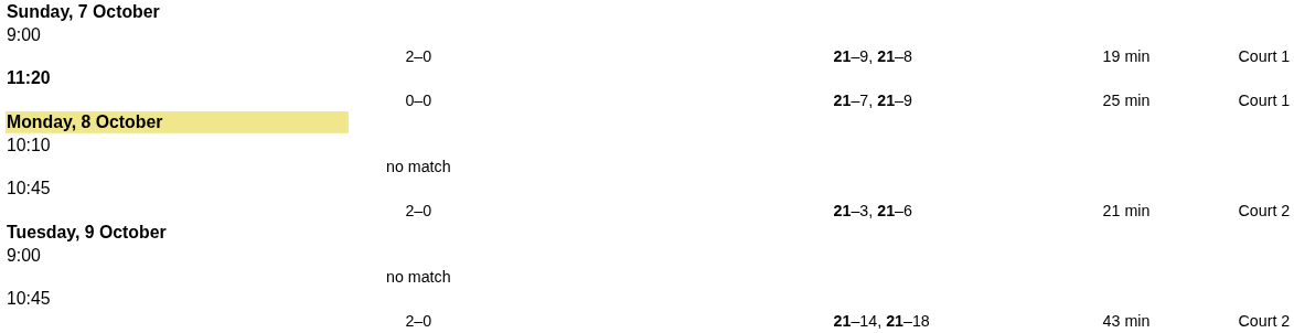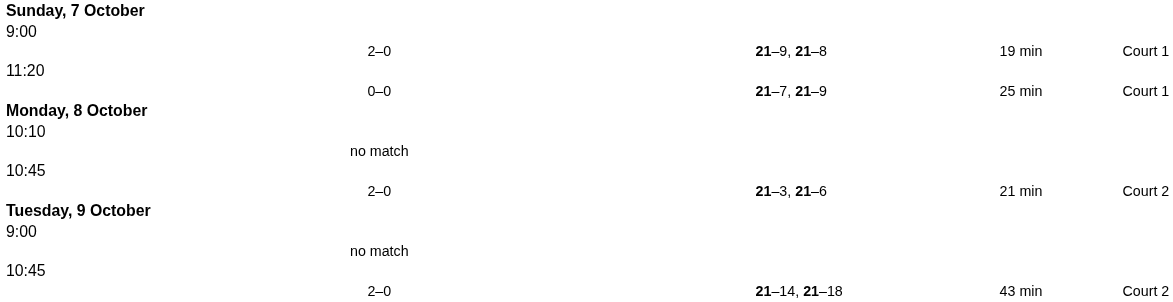 <table style="width:100%;" cellspacing="1">
 <tr>
 <th width=25%></th>
 <th width=10%></th>
 <th width=25%></th>
 </tr>
 <tr>
 <td><strong>Sunday, 7 October</strong></td>
 </tr>
 <tr>
 <td>9:00</td>
 </tr>
 <tr style=font-size:90%>
 <td align=right><strong></strong></td>
 <td align=center>2–0</td>
 <td></td>
 <td><strong>21</strong>–9, <strong>21</strong>–8</td>
 <td>19 min</td>
 <td>Court 1</td>
 </tr>
 <tr>
-<td><strong>11:20</strong></td>
+<td>11:20</td>
 </tr>
 <tr style=font-size:90%>
 <td align=right></td>
 <td align=center>0–0</td>
 <td></td>
 <td><strong>21</strong>–7, <strong>21</strong>–9</td>
 <td>25 min</td>
 <td>Court 1</td>
 </tr>
 <tr>
-<td style="background: khaki;"><strong>Monday, 8 October</strong></td>
+<td><strong>Monday, 8 October</strong></td>
 </tr>
 <tr>
 <td>10:10</td>
 </tr>
 <tr style=font-size:90%>
 <td align=right></td>
 <td align=center>no match</td>
 <td></td>
 <td></td>
 <td></td>
 <td></td>
 </tr>
 <tr>
 <td>10:45</td>
 </tr>
 <tr style=font-size:90%>
 <td align=right><strong></strong></td>
 <td align=center>2–0</td>
 <td></td>
 <td><strong>21</strong>–3, <strong>21</strong>–6</td>
 <td>21 min</td>
 <td>Court 2</td>
 </tr>
 <tr>
 <td><strong>Tuesday, 9 October</strong></td>
 </tr>
 <tr>
 <td>9:00</td>
 </tr>
 <tr style=font-size:90%>
 <td align=right></td>
 <td align=center>no match</td>
 <td></td>
 <td></td>
 <td></td>
 <td></td>
 </tr>
 <tr>
 <td>10:45</td>
 </tr>
 <tr style=font-size:90%>
 <td align=right><strong></strong></td>
 <td align=center>2–0</td>
 <td></td>
 <td><strong>21</strong>–14, <strong>21</strong>–18</td>
 <td>43 min</td>
 <td>Court 2</td>
 </tr>
 </table>
